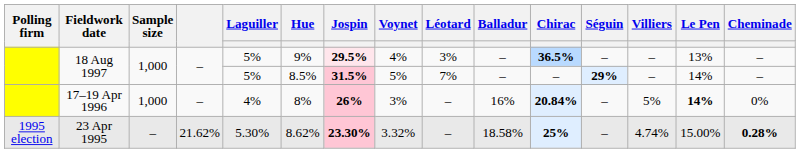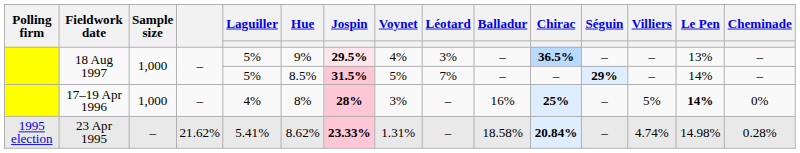 <table class="wikitable sortable" style="text-align:center;font-size:90%;line-height:14px;">
 <tr style="height:40px;">
 <th style="width:100px;" rowspan="2">Polling firm</th>
 <th style="width:110px;" rowspan="2">Fieldwork date</th>
 <th style="width:35px;" rowspan="2">Sample<br>size</th>
 <th style="width:30px;" rowspan="2"></th>
 <th class="unsortable" style="width:60px;"><a href='#'>Laguiller</a><br></th>
 <th class="unsortable" style="width:60px;"><a href='#'>Hue</a><br></th>
 <th class="unsortable" style="width:60px;"><a href='#'>Jospin</a><br></th>
 <th class="unsortable" style="width:60px;"><a href='#'>Voynet</a><br></th>
 <th class="unsortable" style="width:60px;"><a href='#'>Léotard</a><br></th>
 <th class="unsortable" style="width:60px;"><a href='#'>Balladur</a><br></th>
 <th class="unsortable" style="width:60px;"><a href='#'>Chirac</a><br></th>
 <th class="unsortable" style="width:60px;"><a href='#'>Séguin</a><br></th>
 <th class="unsortable" style="width:60px;"><a href='#'>Villiers</a><br></th>
 <th class="unsortable" style="width:60px;"><a href='#'>Le Pen</a><br></th>
 <th class="unsortable" style="width:60px;"><a href='#'>Cheminade</a><br></th>
 </tr>
 <tr>
 <th style="background:"></th>
 <th style="background:"></th>
 <th style="background:"></th>
 <th style="background:"></th>
 <th style="background:"></th>
 <th style="background:"></th>
 <th style="background:"></th>
 <th style="background:"></th>
 <th style="background:"></th>
 <th style="background:"></th>
 <th style="background:"></th>
 </tr>
 <tr>
 <td rowspan="2" style="background:yellow;"></td>
 <td rowspan="2" data-sort-value="1997-08-18">18 Aug 1997</td>
 <td rowspan="2">1,000</td>
 <td rowspan="2">–</td>
 <td>5%</td>
 <td>9%</td>
 <td style="background:#FFE6EC;"><strong>29.5%</strong></td>
 <td>4%</td>
 <td>3%</td>
 <td>–</td>
 <td style="background:#B9DAFF;"><strong>36.5%</strong></td>
 <td>–</td>
 <td>–</td>
 <td>13%</td>
 <td>–</td>
 </tr>
 <tr>
 <td>5%</td>
 <td>8.5%</td>
 <td style="background:#FFC6D5;"><strong>31.5%</strong></td>
 <td>5%</td>
 <td>7%</td>
 <td>–</td>
 <td>–</td>
 <td style="background:#DFEEFF;"><strong>29%</strong></td>
 <td>–</td>
 <td>14%</td>
 <td>–</td>
 </tr>
 <tr>
 <td style="background:yellow;"></td>
 <td data-sort-value="1996-04-19">17–19 Apr 1996</td>
 <td>1,000</td>
 <td>–</td>
 <td>4%</td>
 <td>8%</td>
-<td style="background:#FFC6D5;"><strong>26%</strong></td>
+<td style="background:#FFC6D5;"><strong>28%</strong></td>
 <td>3%</td>
 <td>–</td>
 <td>16%</td>
-<td style="background:#DFEEFF;"><strong>20.84%</strong></td>
+<td style="background:#DFEEFF;"><strong>25%</strong></td>
 <td>–</td>
 <td>5%</td>
 <td><strong>14%</strong></td>
 <td>0%</td>
 </tr>
 <tr style="background:#E9E9E9;">
 <td><a href='#'>1995 election</a></td>
 <td data-sort-value="1995-04-23">23 Apr 1995</td>
 <td>–</td>
 <td>21.62%</td>
-<td>5.30%</td>
+<td>5.41%</td>
 <td>8.62%</td>
-<td style="background:#FFC6D5;"><strong>23.30%</strong></td>
-<td>3.32%</td>
+<td style="background:#FFC6D5;"><strong>23.33%</strong></td>
+<td>1.31%</td>
 <td>–</td>
 <td>18.58%</td>
-<td style="background:#DFEEFF;"><strong>25%</strong></td>
+<td style="background:#DFEEFF;"><strong>20.84%</strong></td>
 <td>–</td>
 <td>4.74%</td>
-<td>15.00%</td>
-<td><strong>0.28%</strong></td>
+<td>14.98%</td>
+<td>0.28%</td>
 </tr>
 </table>
